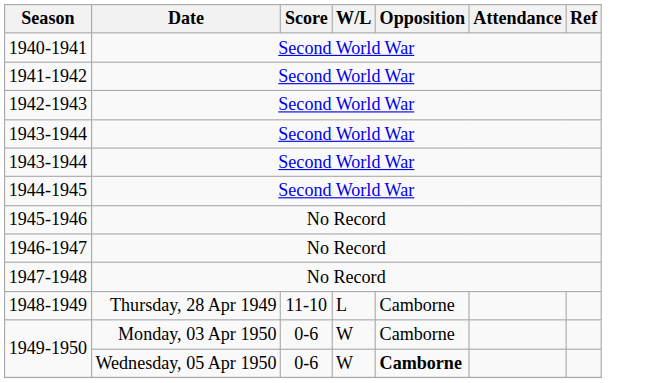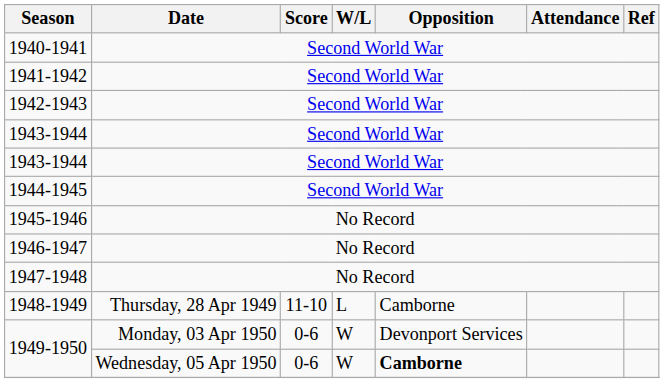 <table class="wikitable">
 <tr>
 <th>Season</th>
 <th>Date</th>
 <th>Score</th>
 <th>W/L</th>
 <th>Opposition</th>
 <th>Attendance</th>
 <th>Ref</th>
 </tr>
 <tr>
 <td>1940-1941</td>
 <td align=center colspan="7"><a href='#'>Second World War</a></td>
 </tr>
 <tr>
 <td>1941-1942</td>
 <td align=center colspan="7"><a href='#'>Second World War</a></td>
 </tr>
 <tr>
 <td>1942-1943</td>
 <td align=center colspan="7"><a href='#'>Second World War</a></td>
 </tr>
 <tr>
 <td>1943-1944</td>
 <td align=center colspan="7"><a href='#'>Second World War</a></td>
 </tr>
 <tr>
 <td>1943-1944</td>
 <td align=center colspan="7"><a href='#'>Second World War</a></td>
 </tr>
 <tr>
 <td>1944-1945</td>
 <td align=center colspan="7"><a href='#'>Second World War</a></td>
 </tr>
 <tr>
 <td>1945-1946</td>
 <td align=center colspan="7">No Record</td>
 </tr>
 <tr>
 <td>1946-1947</td>
 <td align=center colspan="7">No Record</td>
 </tr>
 <tr>
 <td>1947-1948</td>
 <td align=center colspan="7">No Record</td>
 </tr>
 <tr>
 <td>1948-1949</td>
 <td style="text-align:right;">Thursday, 28 Apr 1949</td>
 <td style="text-align:center;">11-10</td>
 <td style="text-align:left;">L</td>
 <td>Camborne</td>
 <td></td>
 <td></td>
 </tr>
 <tr>
 <td rowspan=2>1949-1950</td>
 <td style="text-align:right;">Monday, 03 Apr 1950</td>
 <td style="text-align:center;">0-6</td>
 <td style="text-align:left;">W</td>
-<td>Camborne</td>
+<td>Devonport Services</td>
 <td></td>
 </tr>
 <tr>
 <td style="text-align:right;">Wednesday, 05 Apr 1950</td>
 <td style="text-align:center;">0-6</td>
 <td style="text-align:left;">W</td>
 <td><strong>Camborne</strong></td>
 <td></td>
 <td></td>
 </tr>
 <tr>
 </tr>
 </table>
